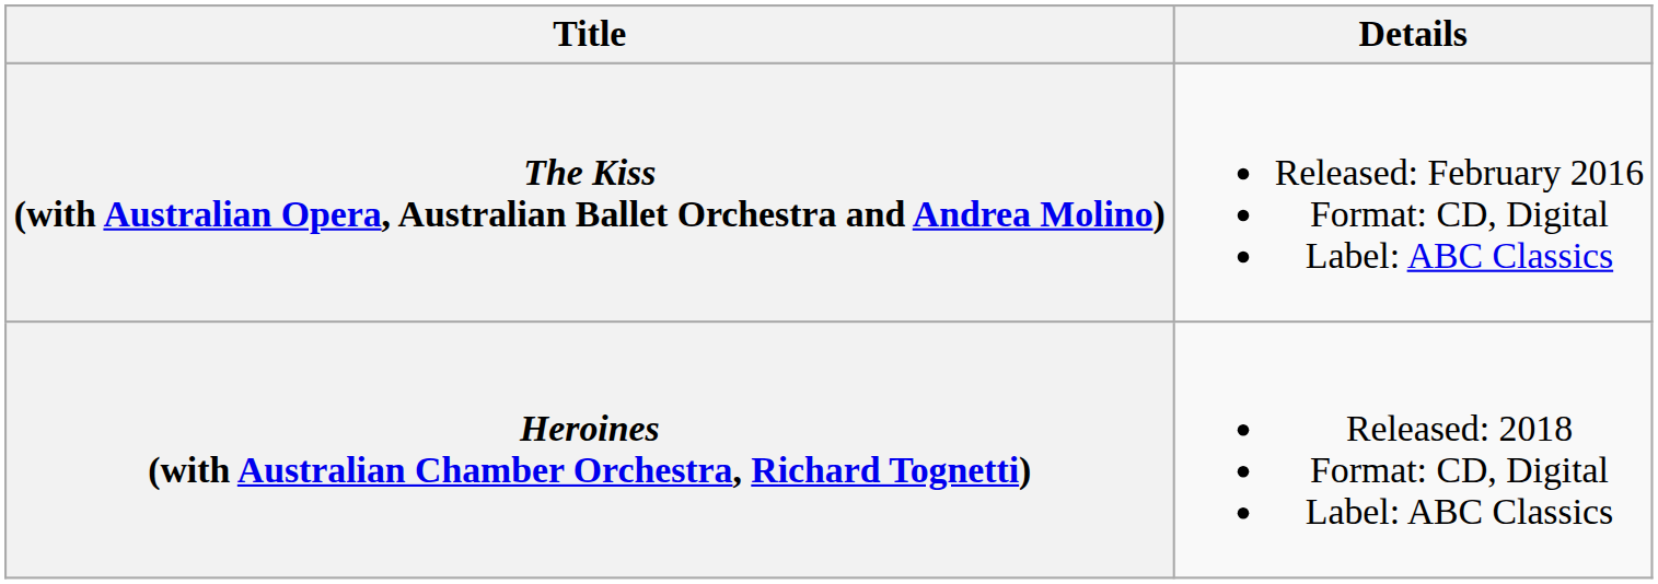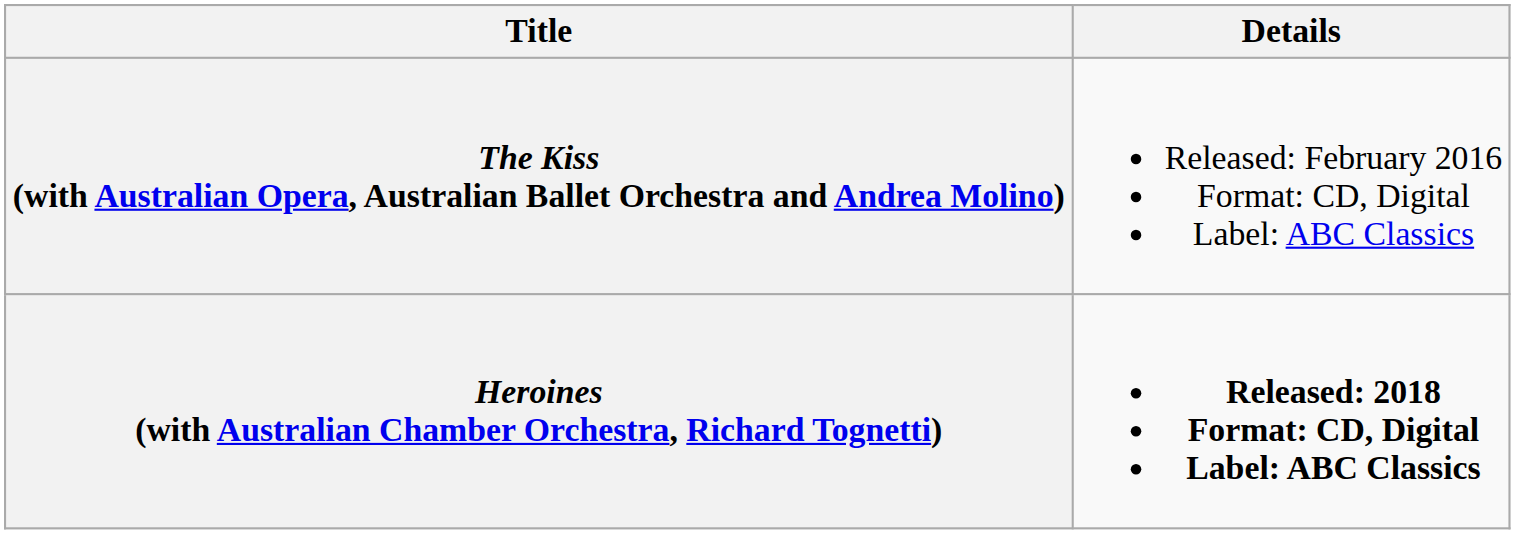 <table class="wikitable plainrowheaders" style="text-align:center;" border="1">
 <tr>
 <th>Title</th>
 <th>Details</th>
 </tr>
 <tr>
 <th scope="row"><em>The Kiss</em> <br> (with <a href='#'>Australian Opera</a>, Australian Ballet Orchestra and <a href='#'>Andrea Molino</a>)</th>
 <td><br><ul><li>Released: February 2016</li><li>Format: CD, Digital</li><li>Label: <a href='#'>ABC Classics</a></li></ul></td>
 </tr>
 <tr>
 <th scope="row"><em>Heroines</em> <br> (with <a href='#'>Australian Chamber Orchestra</a>, <a href='#'>Richard Tognetti</a>)</th>
-<td><br><ul><li>Released: 2018</li><li>Format: CD, Digital</li><li>Label: ABC Classics</li></ul></td>
+<td><strong><br><ul><li>Released: 2018</li><li>Format: CD, Digital</li><li>Label: ABC Classics</li></ul></strong></td>
 </tr>
 </table>
